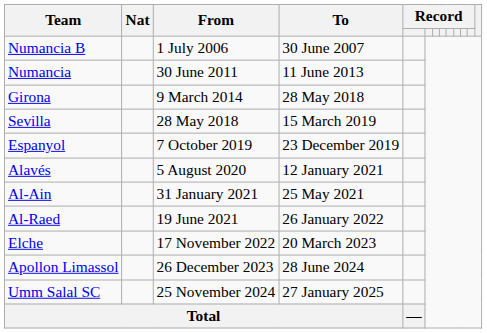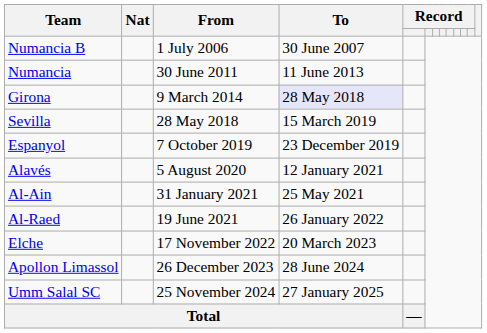 <table class="wikitable" style="text-align: center">
 <tr>
 <th rowspan="2">Team</th>
 <th rowspan="2">Nat</th>
 <th rowspan="2">From</th>
 <th rowspan="2">To</th>
 <th colspan="8">Record</th>
 <th rowspan=2></th>
 </tr>
 <tr>
 <th></th>
 <th></th>
 <th></th>
 <th></th>
 <th></th>
 <th></th>
 <th></th>
 <th></th>
 </tr>
 <tr>
 <td align=left><a href='#'>Numancia B</a></td>
 <td></td>
 <td align=left>1 July 2006</td>
 <td align=left>30 June 2007<br></td>
 <td></td>
 </tr>
 <tr>
 <td align=left><a href='#'>Numancia</a></td>
 <td></td>
 <td align=left>30 June 2011</td>
 <td align=left>11 June 2013<br></td>
 <td></td>
 </tr>
 <tr>
 <td align=left><a href='#'>Girona</a></td>
 <td></td>
 <td align=left>9 March 2014</td>
-<td align=left>28 May 2018<br></td>
+<td align=left style="background: lavender;">28 May 2018<br></td>
 <td></td>
 </tr>
 <tr>
 <td align=left><a href='#'>Sevilla</a></td>
 <td></td>
 <td align=left>28 May 2018</td>
 <td align=left>15 March 2019<br></td>
 <td></td>
 </tr>
 <tr>
 <td align=left><a href='#'>Espanyol</a></td>
 <td></td>
 <td align=left>7 October 2019</td>
 <td align=left>23 December 2019<br></td>
 <td></td>
 </tr>
 <tr>
 <td align=left><a href='#'>Alavés</a></td>
 <td></td>
 <td align=left>5 August 2020</td>
 <td align=left>12 January 2021<br></td>
 <td></td>
 </tr>
 <tr>
 <td align=left><a href='#'>Al-Ain</a></td>
 <td></td>
 <td align=left>31 January 2021</td>
 <td align=left>25 May 2021<br></td>
 <td></td>
 </tr>
 <tr>
 <td align=left><a href='#'>Al-Raed</a></td>
 <td></td>
 <td align=left>19 June 2021</td>
 <td align=left>26 January 2022<br></td>
 <td></td>
 </tr>
 <tr>
 <td align=left><a href='#'>Elche</a></td>
 <td></td>
 <td align=left>17 November 2022</td>
 <td align=left>20 March 2023<br></td>
 <td></td>
 </tr>
 <tr>
 <td align=left><a href='#'>Apollon Limassol</a></td>
 <td></td>
 <td align=left>26 December 2023</td>
 <td align=left>28 June 2024<br></td>
 <td></td>
 </tr>
 <tr>
 <td align=left><a href='#'>Umm Salal SC</a></td>
 <td></td>
 <td align=left>25 November 2024</td>
 <td align=left>27 January 2025<br></td>
 <td></td>
 </tr>
 <tr>
 <th colspan="4">Total<br></th>
 <th>—</th>
 </tr>
 </table>
